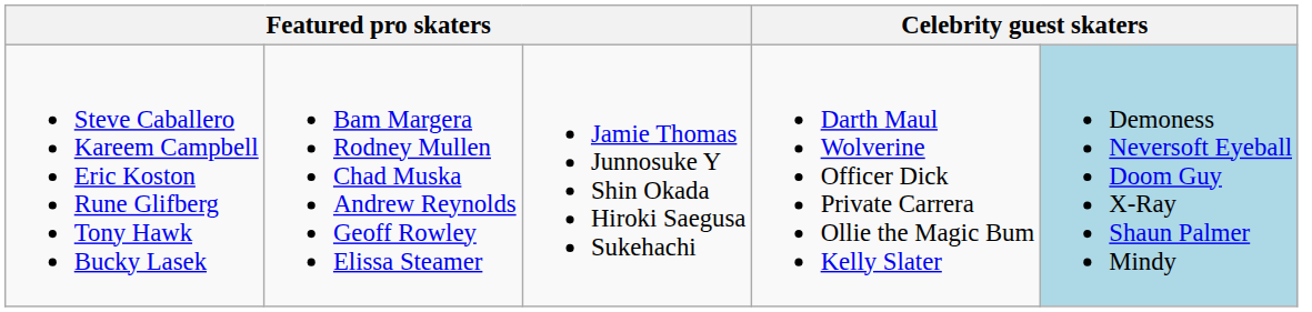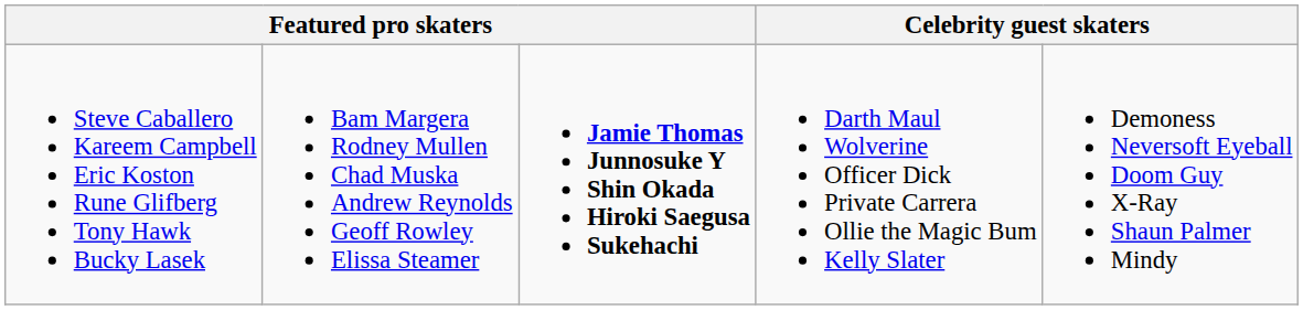 <table class="wikitable">
 <tr>
 <th colspan="3">Featured pro skaters</th>
 <th colspan="2">Celebrity guest skaters</th>
 </tr>
 <tr>
 <td><br><ul><li><a href='#'>Steve Caballero</a></li><li><a href='#'>Kareem Campbell</a></li><li><a href='#'>Eric Koston</a></li><li><a href='#'>Rune Glifberg</a></li><li><a href='#'>Tony Hawk</a></li><li><a href='#'>Bucky Lasek</a></li></ul></td>
 <td><br><ul><li><a href='#'>Bam Margera</a></li><li><a href='#'>Rodney Mullen</a></li><li><a href='#'>Chad Muska</a></li><li><a href='#'>Andrew Reynolds</a></li><li><a href='#'>Geoff Rowley</a></li><li><a href='#'>Elissa Steamer</a></li></ul></td>
-<td><br><ul><li><a href='#'>Jamie Thomas</a></li><li>Junnosuke Y</li><li>Shin Okada</li><li>Hiroki Saegusa</li><li>Sukehachi</li></ul></td>
+<td><strong><br><ul><li><a href='#'>Jamie Thomas</a></li><li>Junnosuke Y</li><li>Shin Okada</li><li>Hiroki Saegusa</li><li>Sukehachi</li></ul></strong></td>
 <td><br><ul><li><a href='#'>Darth Maul</a></li><li><a href='#'>Wolverine</a></li><li>Officer Dick</li><li>Private Carrera</li><li>Ollie the Magic Bum</li><li><a href='#'>Kelly Slater</a></li></ul></td>
-<td style="background: lightblue;"><br><ul><li>Demoness</li><li><a href='#'>Neversoft Eyeball</a></li><li><a href='#'>Doom Guy</a></li><li>X-Ray</li><li><a href='#'>Shaun Palmer</a></li><li>Mindy</li></ul></td>
+<td><br><ul><li>Demoness</li><li><a href='#'>Neversoft Eyeball</a></li><li><a href='#'>Doom Guy</a></li><li>X-Ray</li><li><a href='#'>Shaun Palmer</a></li><li>Mindy</li></ul></td>
 </tr>
 </table>
